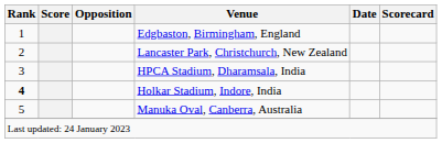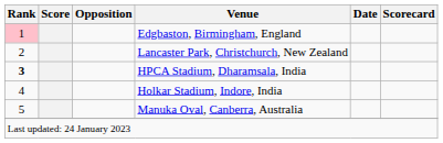 <table class="wikitable plainrowheaders sortable">
 <tr>
 <th scope=col>Rank</th>
 <th scope=col>Score</th>
 <th scope=col>Opposition</th>
 <th scope=col>Venue</th>
 <th scope=col>Date</th>
 <th scope=col>Scorecard</th>
 </tr>
 <tr>
-<td align=center>1</td>
+<td align=center style="background: pink;">1</td>
 <th scope=row style=text-align:center;></th>
 <td></td>
 <td><a href='#'>Edgbaston</a>, <a href='#'>Birmingham</a>, England</td>
 <td></td>
 <td></td>
 </tr>
 <tr>
 <td align=center>2</td>
 <th scope=row style=text-align:center;></th>
 <td></td>
 <td><a href='#'>Lancaster Park</a>, <a href='#'>Christchurch</a>, New Zealand</td>
 <td></td>
 <td></td>
 </tr>
 <tr>
-<td align=center>3</td>
+<td align=center><strong>3</strong></td>
 <th scope=row style=text-align:center;></th>
 <td></td>
 <td><a href='#'>HPCA Stadium</a>, <a href='#'>Dharamsala</a>, India</td>
 <td></td>
 <td></td>
 </tr>
 <tr>
-<td align=center><strong>4</strong></td>
+<td align=center>4</td>
 <th scope=row style=text-align:center;></th>
 <td></td>
 <td><a href='#'>Holkar Stadium</a>, <a href='#'>Indore</a>, India</td>
 <td></td>
 <td></td>
 </tr>
 <tr>
 <td align=center>5</td>
 <th scope=row style=text-align:center;></th>
 <td></td>
 <td><a href='#'>Manuka Oval</a>, <a href='#'>Canberra</a>, Australia</td>
 <td></td>
 <td></td>
 </tr>
 <tr>
 </tr>
 <tr class=sortbottom>
 <td colspan=6><small>Last updated: 24 January 2023</small></td>
 </tr>
 </table>
